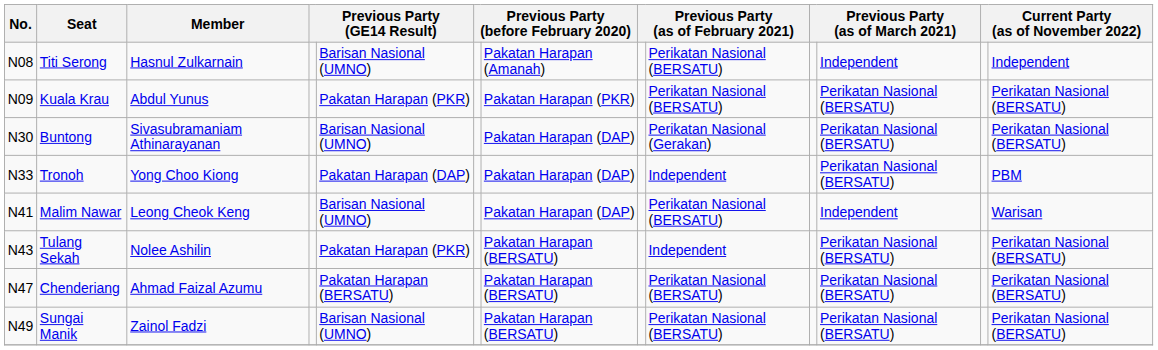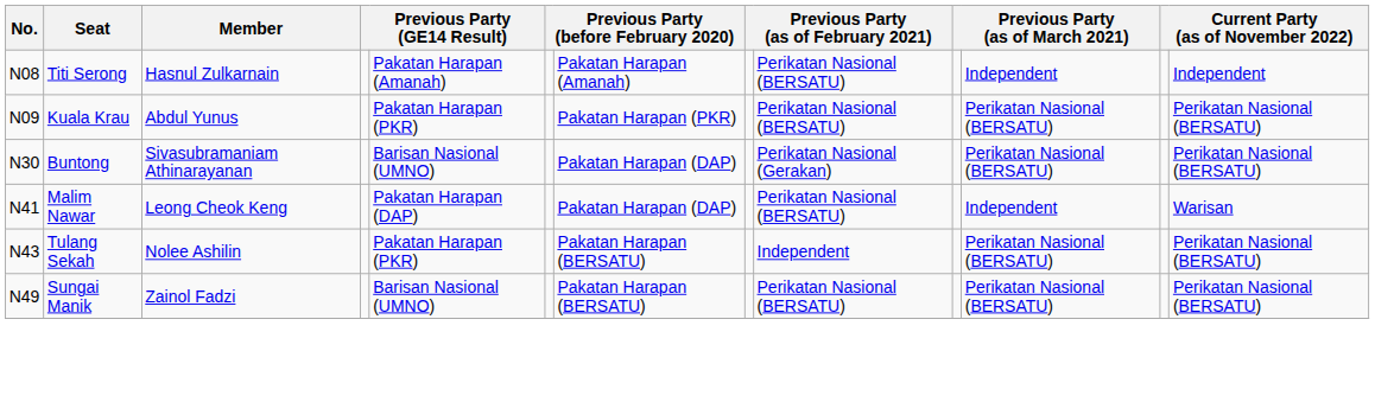 <table class="wikitable sortable mw-collapsible mw-collapsed" style="font-size:95%;">
 <tr>
 <th scope="col">No.</th>
 <th scope="col">Seat</th>
 <th scope="col">Member</th>
 <th colspan="2" scope="col">Previous Party<br>(GE14 Result)</th>
 <th colspan="2" scope="col">Previous Party<br>(before February 2020)</th>
 <th colspan="2" scope="col">Previous Party<br>(as of February 2021)</th>
 <th colspan="2" scope="col">Previous Party<br>(as of March 2021)</th>
 <th colspan="2" scope="col">Current Party<br>(as of November 2022)</th>
 </tr>
 <tr>
 <td>N08</td>
 <td><a href='#'>Titi Serong</a></td>
 <td><a href='#'>Hasnul Zulkarnain</a></td>
 <td width="1"></td>
-<td><a href='#'>Barisan Nasional</a> (<a href='#'>UMNO</a>)</td>
+<td><a href='#'>Pakatan Harapan</a> (<a href='#'>Amanah</a>)</td>
 <td width="1"></td>
 <td><a href='#'>Pakatan Harapan</a> (<a href='#'>Amanah</a>)</td>
 <td width="1"></td>
 <td><a href='#'>Perikatan Nasional</a> (<a href='#'>BERSATU</a>)</td>
 <td width="1"></td>
 <td><a href='#'>Independent</a></td>
 <td width="1"></td>
 <td><a href='#'>Independent</a></td>
 </tr>
 <tr>
 <td>N09</td>
 <td><a href='#'>Kuala Krau</a></td>
 <td><a href='#'>Abdul Yunus</a></td>
 <td width="1"></td>
 <td><a href='#'>Pakatan Harapan</a> (<a href='#'>PKR</a>)</td>
 <td width="1"></td>
 <td><a href='#'>Pakatan Harapan</a> (<a href='#'>PKR</a>)</td>
 <td width="1"></td>
 <td><a href='#'>Perikatan Nasional</a> (<a href='#'>BERSATU</a>)</td>
 <td width="1"></td>
 <td><a href='#'>Perikatan Nasional</a> (<a href='#'>BERSATU</a>)</td>
 <td width="1"></td>
 <td><a href='#'>Perikatan Nasional</a> (<a href='#'>BERSATU</a>)</td>
 </tr>
 <tr>
 <td>N30</td>
 <td><a href='#'>Buntong</a></td>
 <td><a href='#'>Sivasubramaniam Athinarayanan</a></td>
 <td width="1"></td>
 <td><a href='#'>Barisan Nasional</a> (<a href='#'>UMNO</a>)</td>
 <td width="1"></td>
 <td><a href='#'>Pakatan Harapan</a> (<a href='#'>DAP</a>)</td>
 <td width="1"></td>
 <td><a href='#'>Perikatan Nasional</a> (<a href='#'>Gerakan</a>)</td>
 <td width="1"></td>
 <td><a href='#'>Perikatan Nasional</a> (<a href='#'>BERSATU</a>)</td>
 <td width="1"></td>
 <td><a href='#'>Perikatan Nasional</a> (<a href='#'>BERSATU</a>)</td>
 </tr>
 <tr>
-<td>N33</td>
-<td><a href='#'>Tronoh</a></td>
-<td><a href='#'>Yong Choo Kiong</a></td>
-<td width="1"></td>
-<td><a href='#'>Pakatan Harapan</a> (<a href='#'>DAP</a>)</td>
-<td width="1"></td>
-<td><a href='#'>Pakatan Harapan</a> (<a href='#'>DAP</a>)</td>
-<td width="1"></td>
-<td><a href='#'>Independent</a></td>
-<td width="1"></td>
-<td><a href='#'>Perikatan Nasional</a> (<a href='#'>BERSATU</a>)</td>
-<td></td>
-<td><a href='#'>PBM</a></td>
-</tr>
-<tr>
 <td>N41</td>
 <td><a href='#'>Malim Nawar</a></td>
 <td><a href='#'>Leong Cheok Keng</a></td>
 <td width="1"></td>
-<td><a href='#'>Barisan Nasional</a> (<a href='#'>UMNO</a>)</td>
+<td><a href='#'>Pakatan Harapan</a> (<a href='#'>DAP</a>)</td>
 <td width="1"></td>
 <td><a href='#'>Pakatan Harapan</a> (<a href='#'>DAP</a>)</td>
 <td width="1"></td>
 <td><a href='#'>Perikatan Nasional</a> (<a href='#'>BERSATU</a>)</td>
 <td width="1"></td>
 <td><a href='#'>Independent</a></td>
 <td></td>
 <td><a href='#'>Warisan</a><br></td>
 </tr>
 <tr>
 <td>N43</td>
 <td><a href='#'>Tulang Sekah</a></td>
 <td><a href='#'>Nolee Ashilin</a></td>
 <td width="1"></td>
 <td><a href='#'>Pakatan Harapan</a> (<a href='#'>PKR</a>)</td>
 <td width="1"></td>
 <td><a href='#'>Pakatan Harapan</a> (<a href='#'>BERSATU</a>)</td>
 <td width="1"></td>
 <td><a href='#'>Independent</a></td>
 <td width="1"></td>
 <td><a href='#'>Perikatan Nasional</a> (<a href='#'>BERSATU</a>)</td>
 <td width="1"></td>
 <td><a href='#'>Perikatan Nasional</a> (<a href='#'>BERSATU</a>)</td>
 </tr>
 <tr>
-<td>N47</td>
-<td><a href='#'>Chenderiang</a></td>
-<td><a href='#'>Ahmad Faizal Azumu</a></td>
-<td width="1"></td>
-<td><a href='#'>Pakatan Harapan</a> (<a href='#'>BERSATU</a>)</td>
-<td width="1"></td>
-<td><a href='#'>Pakatan Harapan</a> (<a href='#'>BERSATU</a>)</td>
-<td width="1"></td>
-<td><a href='#'>Perikatan Nasional</a> (<a href='#'>BERSATU</a>)</td>
-<td width="1"></td>
-<td><a href='#'>Perikatan Nasional</a> (<a href='#'>BERSATU</a>)</td>
-<td width="1"></td>
-<td><a href='#'>Perikatan Nasional</a> (<a href='#'>BERSATU</a>)</td>
-</tr>
-<tr>
 <td>N49</td>
 <td><a href='#'>Sungai Manik</a></td>
 <td><a href='#'>Zainol Fadzi</a></td>
 <td width="1"></td>
 <td><a href='#'>Barisan Nasional</a> (<a href='#'>UMNO</a>)</td>
 <td width="1"></td>
 <td><a href='#'>Pakatan Harapan</a> (<a href='#'>BERSATU</a>)</td>
 <td width="1"></td>
 <td><a href='#'>Perikatan Nasional</a> (<a href='#'>BERSATU</a>)</td>
 <td width="1"></td>
 <td><a href='#'>Perikatan Nasional</a> (<a href='#'>BERSATU</a>)</td>
 <td width="1"></td>
 <td><a href='#'>Perikatan Nasional</a> (<a href='#'>BERSATU</a>)</td>
 </tr>
 <tr>
 </tr>
 </table>
